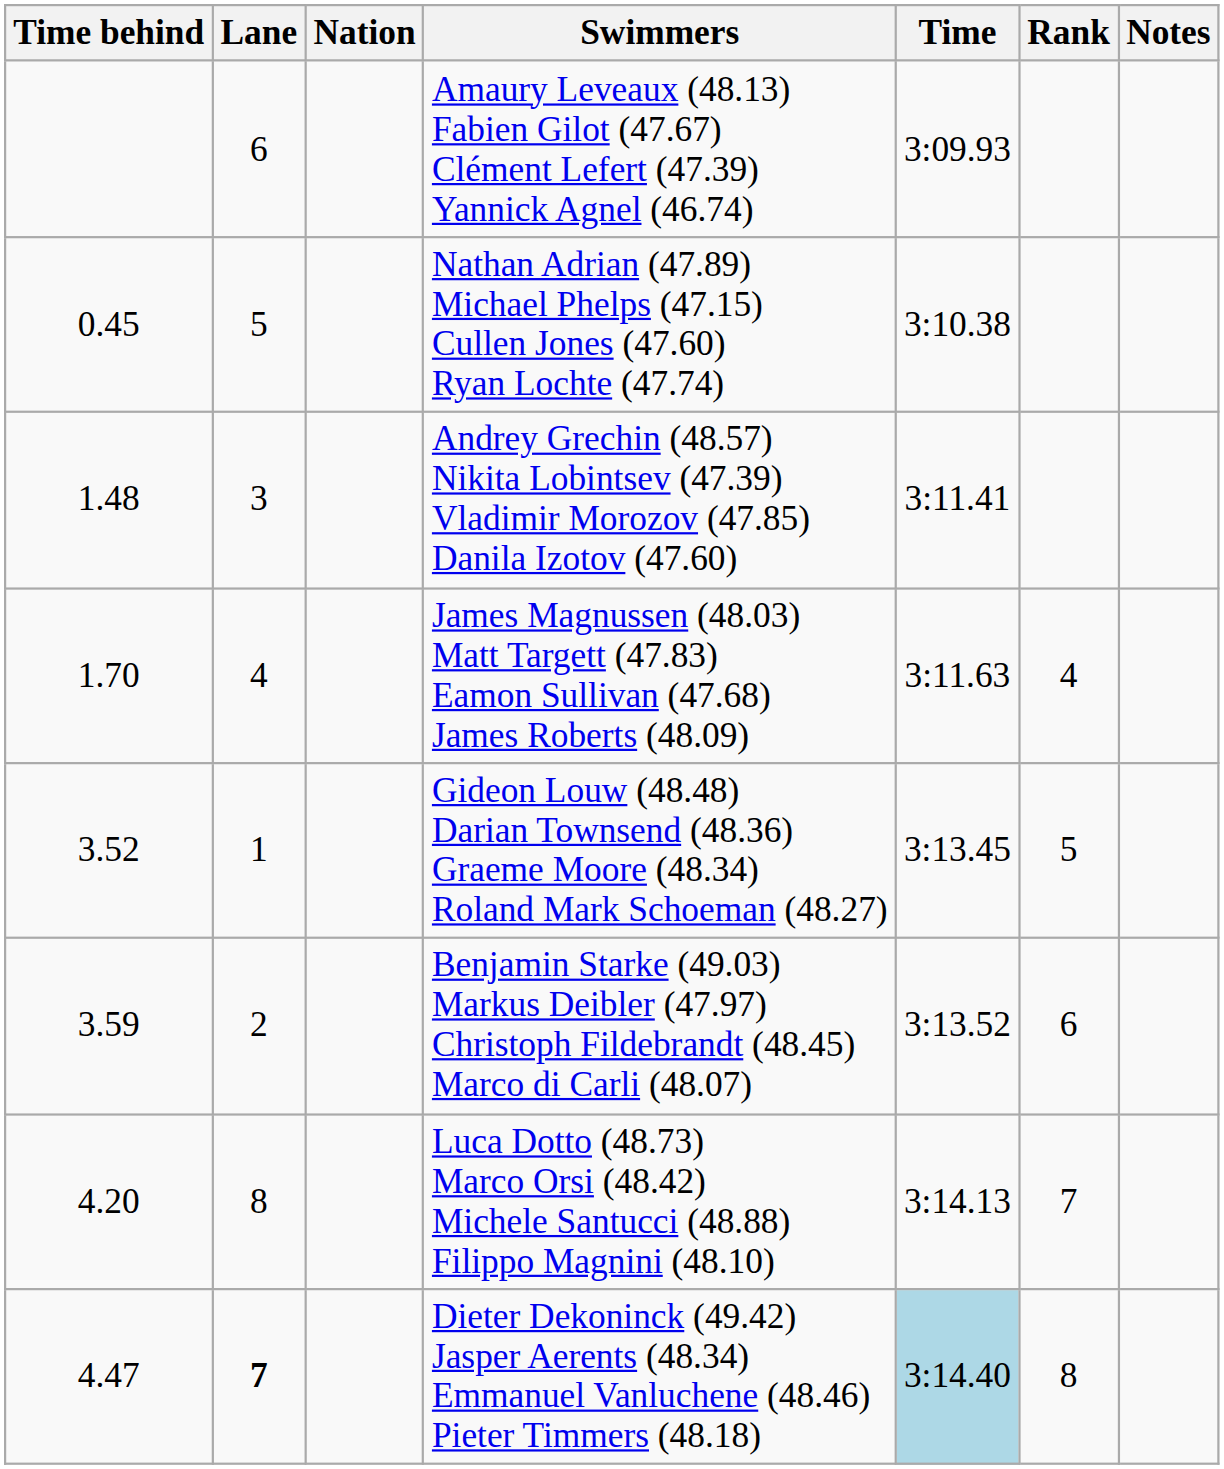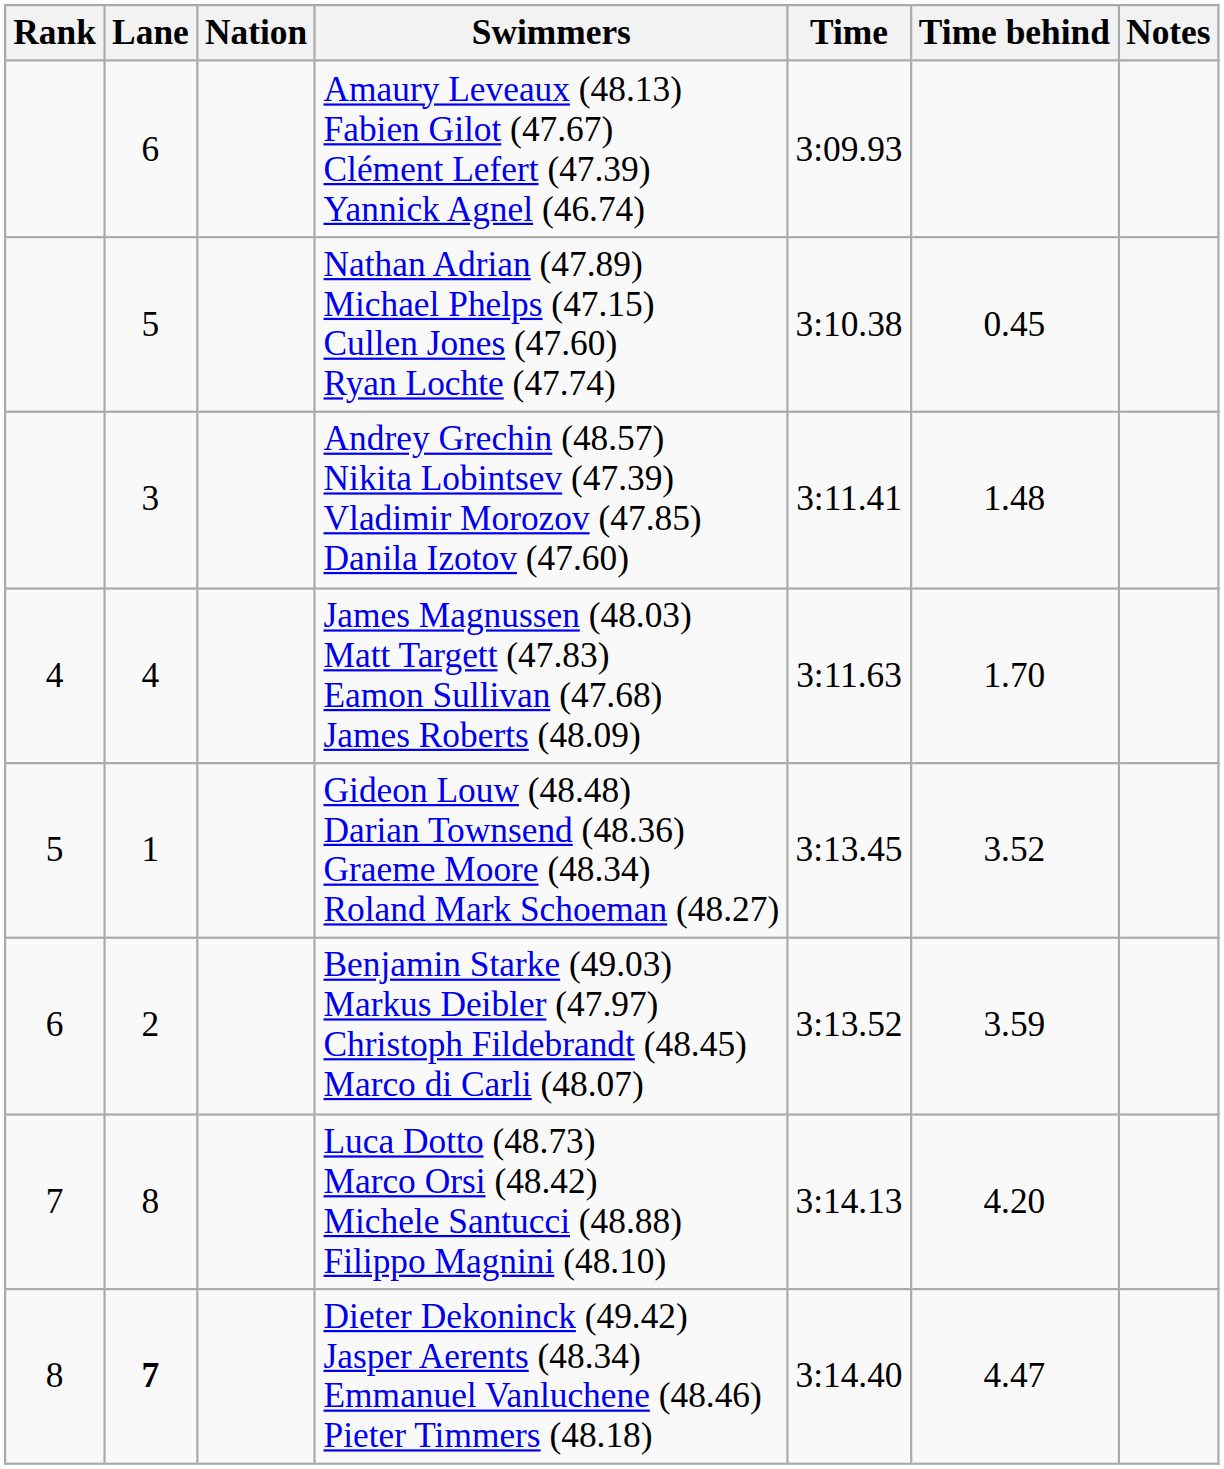 <table class="wikitable sortable" style="text-align:center">
 <tr>
-<th>Time behind</th>
+<th>Rank</th>
 <th>Lane</th>
 <th>Nation</th>
 <th>Swimmers</th>
 <th>Time</th>
-<th>Rank</th>
+<th>Time behind</th>
 <th>Notes</th>
 </tr>
 <tr>
 <td></td>
 <td>6</td>
 <td align=left></td>
 <td align=left><a href='#'>Amaury Leveaux</a> (48.13)<br><a href='#'>Fabien Gilot</a> (47.67)<br><a href='#'>Clément Lefert</a> (47.39)<br><a href='#'>Yannick Agnel</a> (46.74)</td>
 <td>3:09.93</td>
 <td></td>
 <td></td>
 </tr>
 <tr>
-<td>0.45</td>
+<td></td>
 <td>5</td>
 <td align=left></td>
 <td align=left><a href='#'>Nathan Adrian</a> (47.89)<br><a href='#'>Michael Phelps</a> (47.15)<br><a href='#'>Cullen Jones</a> (47.60)<br><a href='#'>Ryan Lochte</a> (47.74)</td>
 <td>3:10.38</td>
-<td></td>
+<td>0.45</td>
 <td></td>
 </tr>
 <tr>
-<td>1.48</td>
+<td></td>
 <td>3</td>
 <td align=left></td>
 <td align=left><a href='#'>Andrey Grechin</a> (48.57)<br><a href='#'>Nikita Lobintsev</a> (47.39)<br><a href='#'>Vladimir Morozov</a> (47.85)<br><a href='#'>Danila Izotov</a> (47.60)</td>
 <td>3:11.41</td>
-<td></td>
+<td>1.48</td>
 <td></td>
 </tr>
 <tr>
-<td>1.70</td>
+<td>4</td>
 <td>4</td>
 <td align=left></td>
 <td align=left><a href='#'>James Magnussen</a> (48.03)<br><a href='#'>Matt Targett</a> (47.83)<br><a href='#'>Eamon Sullivan</a> (47.68)<br><a href='#'>James Roberts</a> (48.09)</td>
 <td>3:11.63</td>
-<td>4</td>
+<td>1.70</td>
 <td></td>
 </tr>
 <tr>
-<td>3.52</td>
+<td>5</td>
 <td>1</td>
 <td align=left></td>
 <td align=left><a href='#'>Gideon Louw</a> (48.48)<br><a href='#'>Darian Townsend</a> (48.36)<br><a href='#'>Graeme Moore</a> (48.34)<br><a href='#'>Roland Mark Schoeman</a> (48.27)</td>
 <td>3:13.45</td>
-<td>5</td>
+<td>3.52</td>
 <td></td>
 </tr>
 <tr>
-<td>3.59</td>
+<td>6</td>
 <td>2</td>
 <td align=left></td>
 <td align=left><a href='#'>Benjamin Starke</a> (49.03)<br><a href='#'>Markus Deibler</a> (47.97)<br><a href='#'>Christoph Fildebrandt</a> (48.45)<br><a href='#'>Marco di Carli</a> (48.07)</td>
 <td>3:13.52</td>
-<td>6</td>
+<td>3.59</td>
 <td></td>
 </tr>
 <tr>
-<td>4.20</td>
+<td>7</td>
 <td>8</td>
 <td align=left></td>
 <td align=left><a href='#'>Luca Dotto</a> (48.73)<br><a href='#'>Marco Orsi</a> (48.42)<br><a href='#'>Michele Santucci</a> (48.88)<br><a href='#'>Filippo Magnini</a> (48.10)</td>
 <td>3:14.13</td>
-<td>7</td>
+<td>4.20</td>
 <td></td>
 </tr>
 <tr>
-<td>4.47</td>
+<td>8</td>
 <td><strong>7</strong></td>
 <td align=left></td>
 <td align=left><a href='#'>Dieter Dekoninck</a> (49.42)<br><a href='#'>Jasper Aerents</a> (48.34)<br><a href='#'>Emmanuel Vanluchene</a> (48.46)<br><a href='#'>Pieter Timmers</a> (48.18)</td>
-<td style="background: lightblue;">3:14.40</td>
-<td>8</td>
+<td>3:14.40</td>
+<td>4.47</td>
 <td></td>
 </tr>
 </table>
